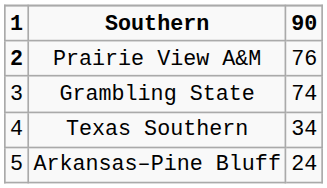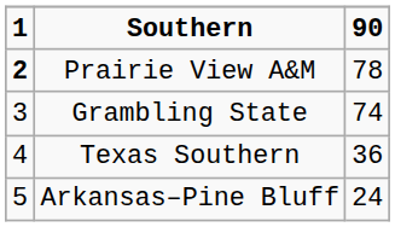 <table class="wikitable" style="display: inline-table;">
 <tr align="center">
 </tr>
 <tr align="center">
 <td><strong>1</strong></td>
 <td><strong>Southern</strong></td>
 <td><strong>90</strong></td>
 </tr>
 <tr align="center">
 <td><strong>2</strong></td>
 <td>Prairie View A&M</td>
-<td>76</td>
+<td>78</td>
 </tr>
 <tr align="center">
 <td>3</td>
 <td>Grambling State</td>
 <td>74</td>
 </tr>
 <tr align="center">
 <td>4</td>
 <td>Texas Southern</td>
-<td>34</td>
+<td>36</td>
 </tr>
 <tr align="center">
 <td>5</td>
 <td>Arkansas–Pine Bluff</td>
 <td>24</td>
 </tr>
 </table>
